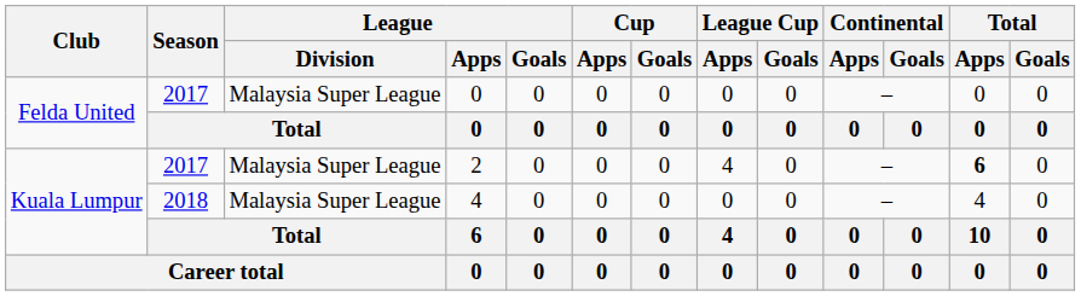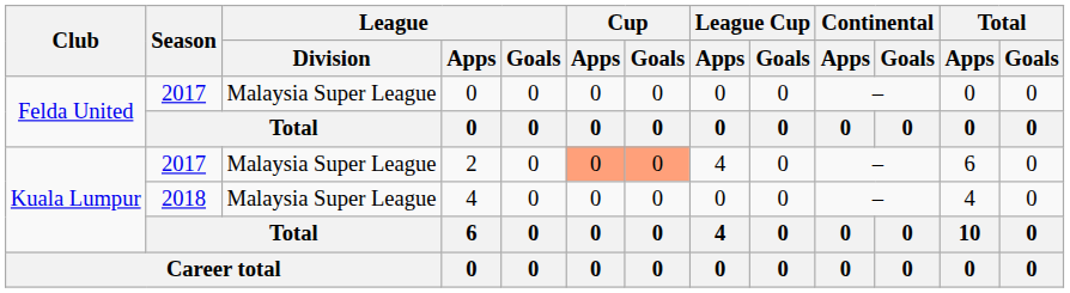 <table class=wikitable style="text-align: center">
 <tr>
 <th rowspan=2>Club</th>
 <th rowspan=2>Season</th>
 <th colspan=3>League</th>
 <th colspan=2>Cup</th>
 <th colspan=2>League Cup</th>
 <th colspan=2>Continental</th>
 <th colspan=2>Total</th>
 </tr>
 <tr>
 <th>Division</th>
 <th>Apps</th>
 <th>Goals</th>
 <th>Apps</th>
 <th>Goals</th>
 <th>Apps</th>
 <th>Goals</th>
 <th>Apps</th>
 <th>Goals</th>
 <th>Apps</th>
 <th>Goals</th>
 </tr>
 <tr>
 <td rowspan="2"><a href='#'>Felda United</a></td>
 <td><a href='#'>2017</a></td>
 <td>Malaysia Super League</td>
 <td>0</td>
 <td>0</td>
 <td>0</td>
 <td>0</td>
 <td>0</td>
 <td>0</td>
 <td colspan=2>–</td>
 <td>0</td>
 <td>0</td>
 </tr>
 <tr>
 <th colspan=2>Total</th>
 <th>0</th>
 <th>0</th>
 <th>0</th>
 <th>0</th>
 <th>0</th>
 <th>0</th>
 <th>0</th>
 <th>0</th>
 <th>0</th>
 <th>0</th>
 </tr>
 <tr>
 <td rowspan="3"><a href='#'>Kuala Lumpur</a></td>
 <td><a href='#'>2017</a></td>
 <td>Malaysia Super League</td>
 <td>2</td>
 <td>0</td>
-<td>0</td>
-<td>0</td>
+<td style="background: lightsalmon;">0</td>
+<td style="background: lightsalmon;">0</td>
 <td>4</td>
 <td>0</td>
 <td colspan=2>–</td>
-<td><strong>6</strong></td>
+<td>6</td>
 <td>0</td>
 </tr>
 <tr>
 <td><a href='#'>2018</a></td>
 <td>Malaysia Super League</td>
 <td>4</td>
 <td>0</td>
 <td>0</td>
 <td>0</td>
 <td>0</td>
 <td>0</td>
 <td colspan=2>–</td>
 <td>4</td>
 <td>0</td>
 </tr>
 <tr>
 <th colspan=2>Total</th>
 <th>6</th>
 <th>0</th>
 <th>0</th>
 <th>0</th>
 <th>4</th>
 <th>0</th>
 <th>0</th>
 <th>0</th>
 <th>10</th>
 <th>0</th>
 </tr>
 <tr>
 <th colspan=3>Career total</th>
 <th>0</th>
 <th>0</th>
 <th>0</th>
 <th>0</th>
 <th>0</th>
 <th>0</th>
 <th>0</th>
 <th>0</th>
 <th>0</th>
 <th>0</th>
 </tr>
 </table>
